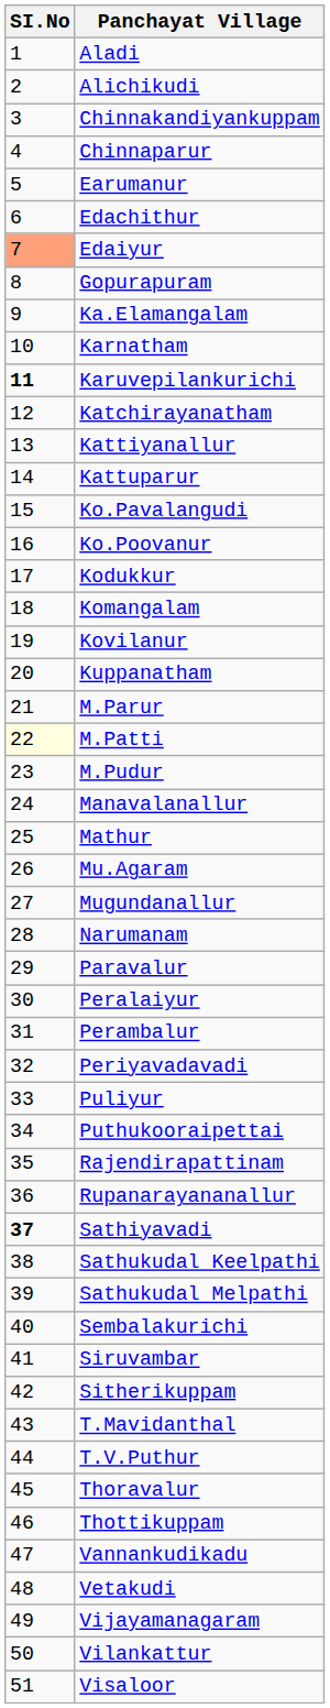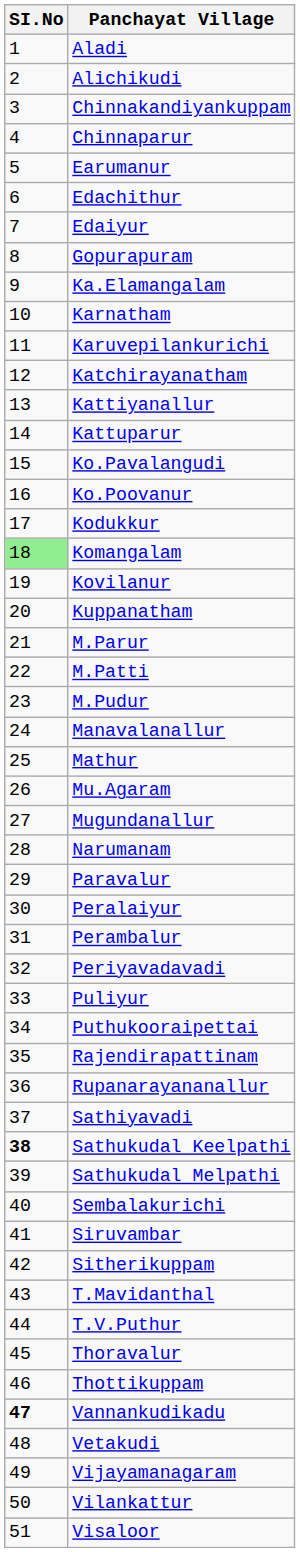 <table class="wikitable sortable">
 <tr>
 <th>SI.No</th>
 <th>Panchayat Village</th>
 </tr>
 <tr>
 <td>1</td>
 <td><a href='#'>Aladi</a></td>
 </tr>
 <tr>
 <td>2</td>
 <td><a href='#'>Alichikudi</a></td>
 </tr>
 <tr>
 <td>3</td>
 <td><a href='#'>Chinnakandiyankuppam</a></td>
 </tr>
 <tr>
 <td>4</td>
 <td><a href='#'>Chinnaparur</a></td>
 </tr>
 <tr>
 <td>5</td>
 <td><a href='#'>Earumanur</a></td>
 </tr>
 <tr>
 <td>6</td>
 <td><a href='#'>Edachithur</a></td>
 </tr>
 <tr>
-<td style="background: lightsalmon;">7</td>
+<td>7</td>
 <td><a href='#'>Edaiyur</a></td>
 </tr>
 <tr>
 <td>8</td>
 <td><a href='#'>Gopurapuram</a></td>
 </tr>
 <tr>
 <td>9</td>
 <td><a href='#'>Ka.Elamangalam</a></td>
 </tr>
 <tr>
 <td>10</td>
 <td><a href='#'>Karnatham</a></td>
 </tr>
 <tr>
-<td><strong>11</strong></td>
+<td>11</td>
 <td><a href='#'>Karuvepilankurichi</a></td>
 </tr>
 <tr>
 <td>12</td>
 <td><a href='#'>Katchirayanatham</a></td>
 </tr>
 <tr>
 <td>13</td>
 <td><a href='#'>Kattiyanallur</a></td>
 </tr>
 <tr>
 <td>14</td>
 <td><a href='#'>Kattuparur</a></td>
 </tr>
 <tr>
 <td>15</td>
 <td><a href='#'>Ko.Pavalangudi</a></td>
 </tr>
 <tr>
 <td>16</td>
 <td><a href='#'>Ko.Poovanur</a></td>
 </tr>
 <tr>
 <td>17</td>
 <td><a href='#'>Kodukkur</a></td>
 </tr>
 <tr>
-<td>18</td>
+<td style="background: lightgreen;">18</td>
 <td><a href='#'>Komangalam</a></td>
 </tr>
 <tr>
 <td>19</td>
 <td><a href='#'>Kovilanur</a></td>
 </tr>
 <tr>
 <td>20</td>
 <td><a href='#'>Kuppanatham</a></td>
 </tr>
 <tr>
 <td>21</td>
 <td><a href='#'>M.Parur</a></td>
 </tr>
 <tr>
-<td style="background: lightyellow;">22</td>
+<td>22</td>
 <td><a href='#'>M.Patti</a></td>
 </tr>
 <tr>
 <td>23</td>
 <td><a href='#'>M.Pudur</a></td>
 </tr>
 <tr>
 <td>24</td>
 <td><a href='#'>Manavalanallur</a></td>
 </tr>
 <tr>
 <td>25</td>
 <td><a href='#'>Mathur</a></td>
 </tr>
 <tr>
 <td>26</td>
 <td><a href='#'>Mu.Agaram</a></td>
 </tr>
 <tr>
 <td>27</td>
 <td><a href='#'>Mugundanallur</a></td>
 </tr>
 <tr>
 <td>28</td>
 <td><a href='#'>Narumanam</a></td>
 </tr>
 <tr>
 <td>29</td>
 <td><a href='#'>Paravalur</a></td>
 </tr>
 <tr>
 <td>30</td>
 <td><a href='#'>Peralaiyur</a></td>
 </tr>
 <tr>
 <td>31</td>
 <td><a href='#'>Perambalur</a></td>
 </tr>
 <tr>
 <td>32</td>
 <td><a href='#'>Periyavadavadi</a></td>
 </tr>
 <tr>
 <td>33</td>
 <td><a href='#'>Puliyur</a></td>
 </tr>
 <tr>
 <td>34</td>
 <td><a href='#'>Puthukooraipettai</a></td>
 </tr>
 <tr>
 <td>35</td>
 <td><a href='#'>Rajendirapattinam</a></td>
 </tr>
 <tr>
 <td>36</td>
 <td><a href='#'>Rupanarayananallur</a></td>
 </tr>
 <tr>
-<td><strong>37</strong></td>
+<td>37</td>
 <td><a href='#'>Sathiyavadi</a></td>
 </tr>
 <tr>
-<td>38</td>
+<td><strong>38</strong></td>
 <td><a href='#'>Sathukudal Keelpathi</a></td>
 </tr>
 <tr>
 <td>39</td>
 <td><a href='#'>Sathukudal Melpathi</a></td>
 </tr>
 <tr>
 <td>40</td>
 <td><a href='#'>Sembalakurichi</a></td>
 </tr>
 <tr>
 <td>41</td>
 <td><a href='#'>Siruvambar</a></td>
 </tr>
 <tr>
 <td>42</td>
 <td><a href='#'>Sitherikuppam</a></td>
 </tr>
 <tr>
 <td>43</td>
 <td><a href='#'>T.Mavidanthal</a></td>
 </tr>
 <tr>
 <td>44</td>
 <td><a href='#'>T.V.Puthur</a></td>
 </tr>
 <tr>
 <td>45</td>
 <td><a href='#'>Thoravalur</a></td>
 </tr>
 <tr>
 <td>46</td>
 <td><a href='#'>Thottikuppam</a></td>
 </tr>
 <tr>
-<td>47</td>
+<td><strong>47</strong></td>
 <td><a href='#'>Vannankudikadu</a></td>
 </tr>
 <tr>
 <td>48</td>
 <td><a href='#'>Vetakudi</a></td>
 </tr>
 <tr>
 <td>49</td>
 <td><a href='#'>Vijayamanagaram</a></td>
 </tr>
 <tr>
 <td>50</td>
 <td><a href='#'>Vilankattur</a></td>
 </tr>
 <tr>
 <td>51</td>
 <td><a href='#'>Visaloor</a></td>
 </tr>
 </table>
